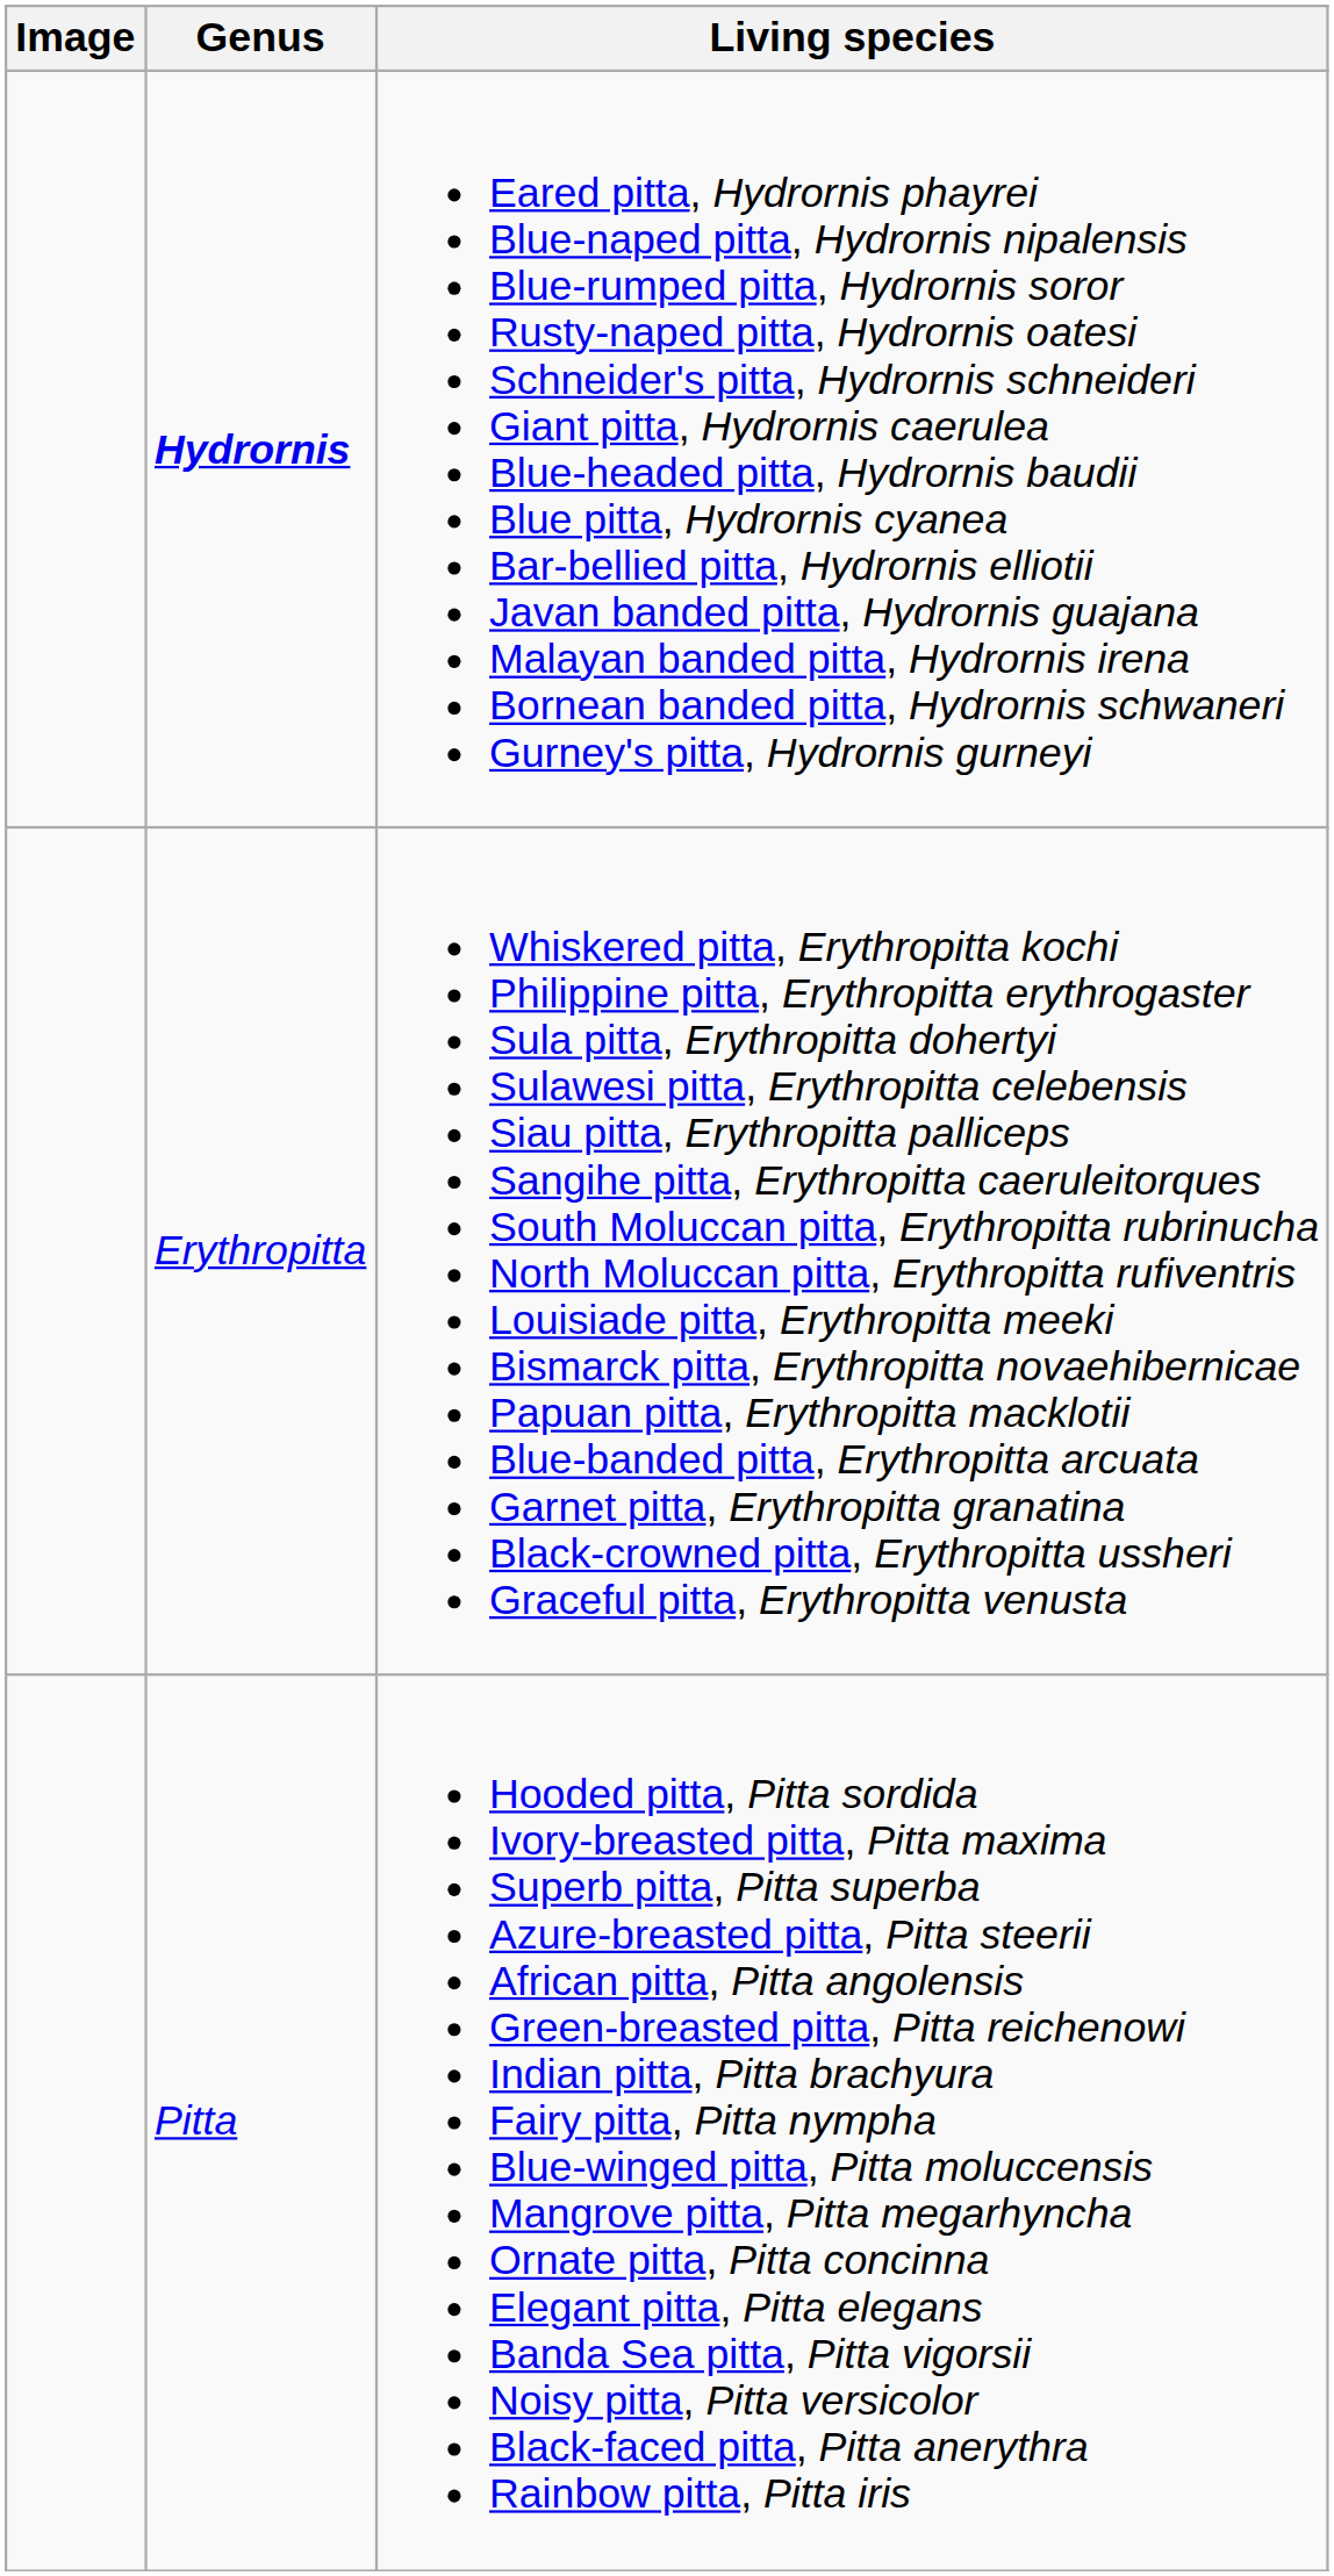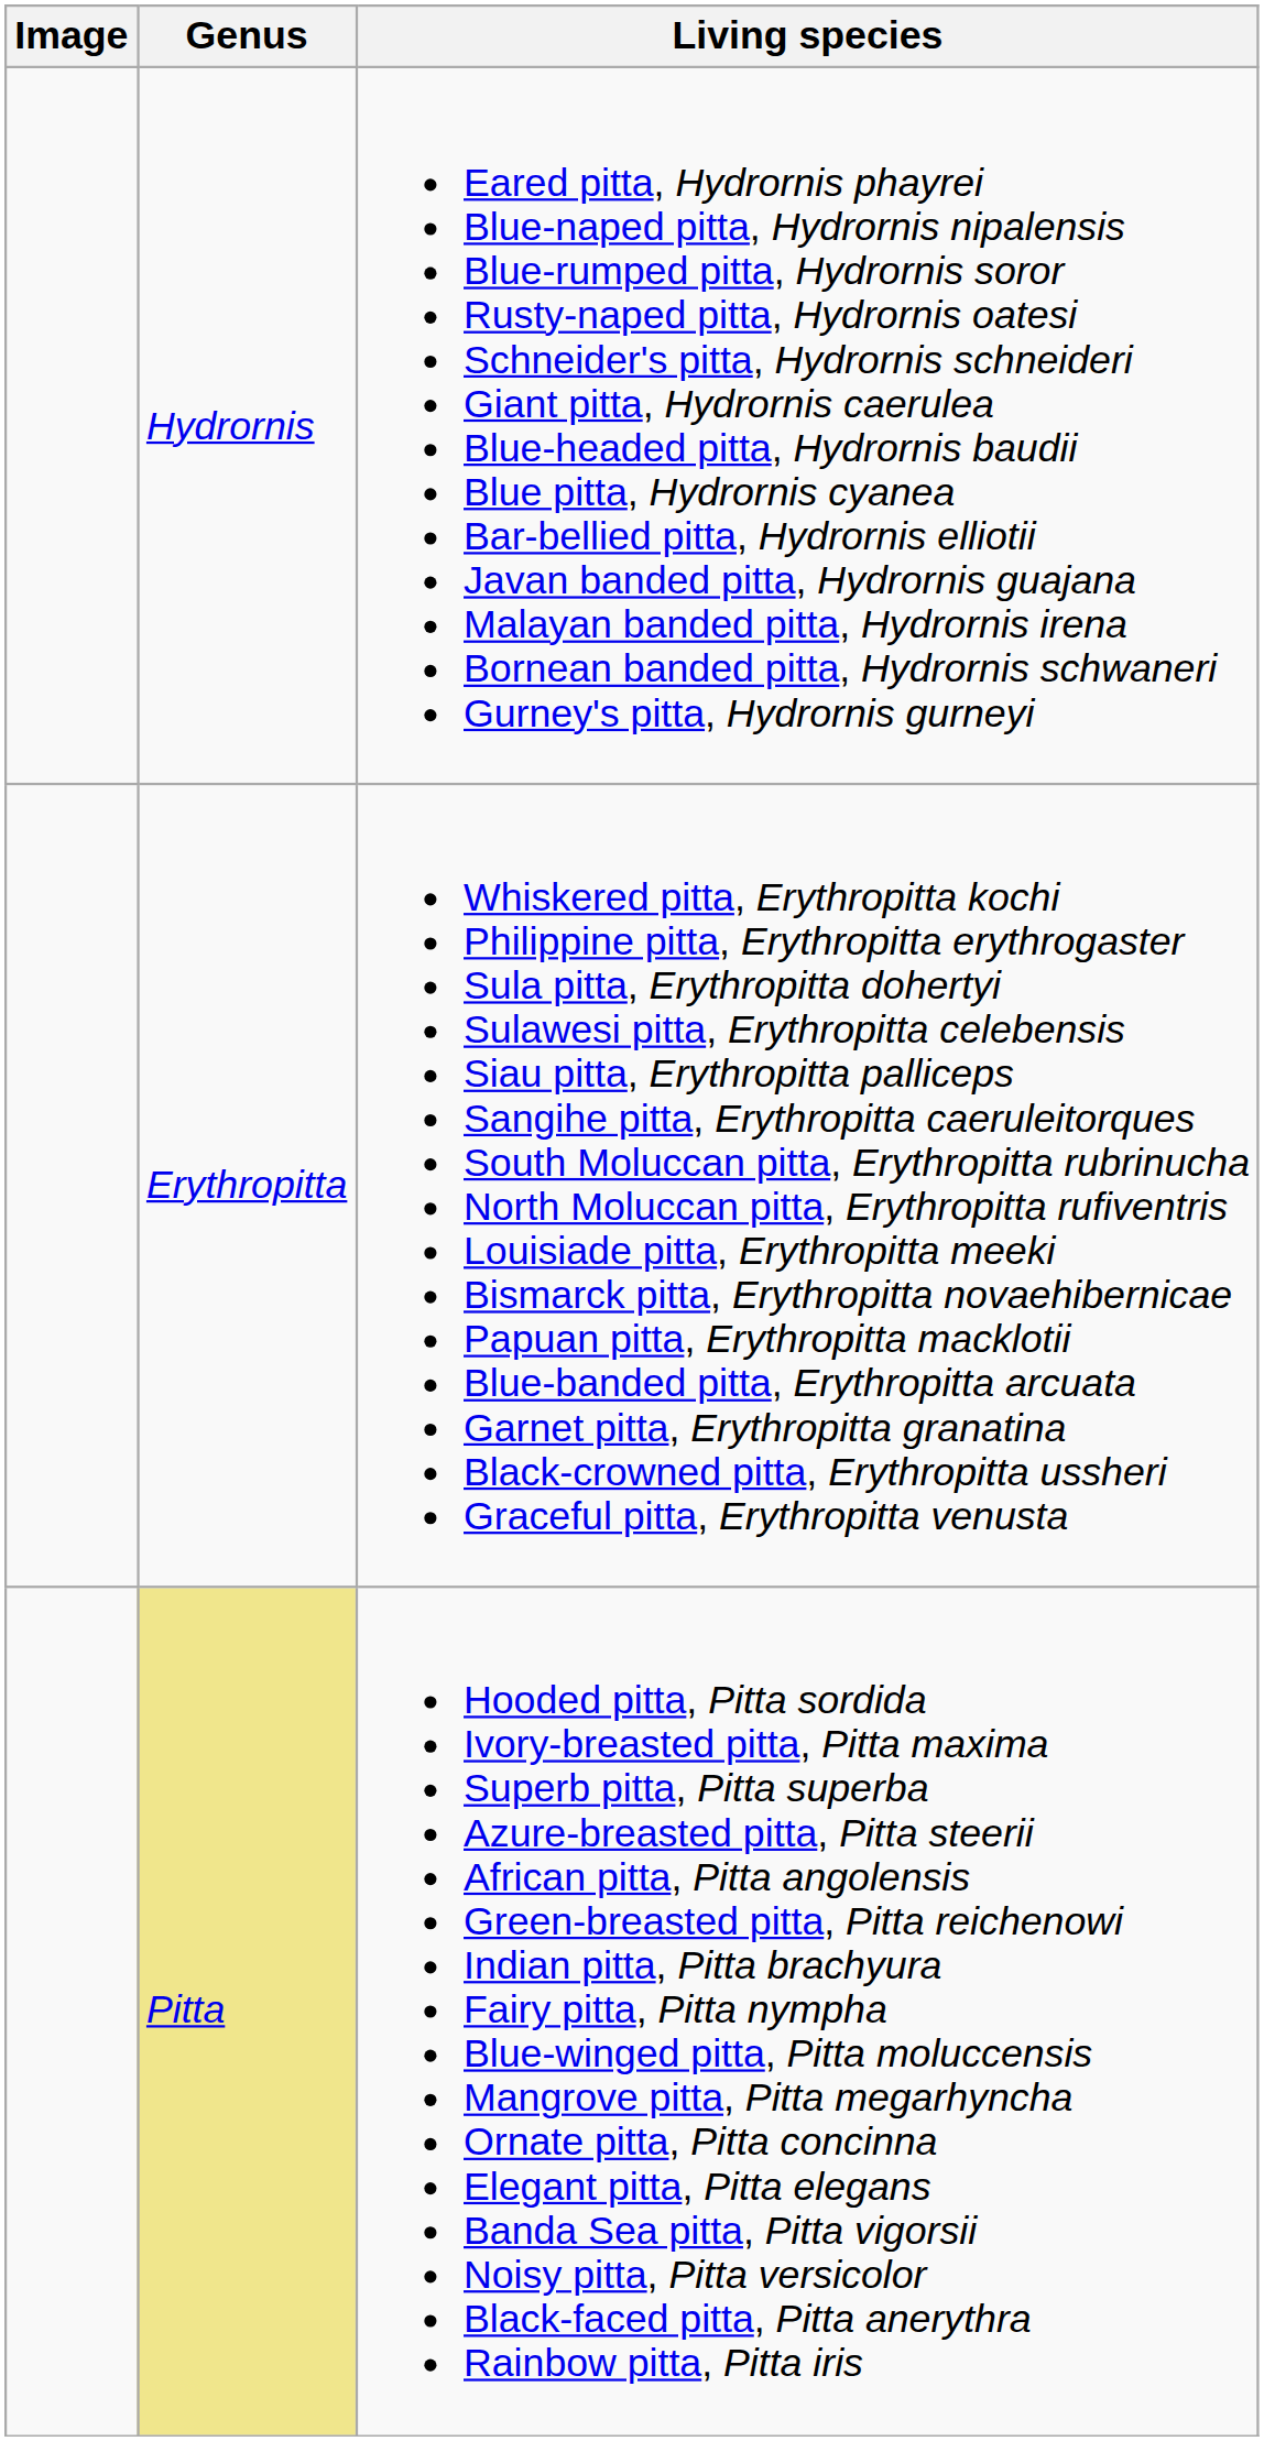 <table class="wikitable">
 <tr>
 <th>Image</th>
 <th>Genus</th>
 <th>Living species</th>
 </tr>
 <tr>
 <td></td>
-<td><strong><em><a href='#'>Hydrornis</a></em> </strong></td>
+<td><em><a href='#'>Hydrornis</a></em> </td>
 <td><br><ul><li><a href='#'>Eared pitta</a>, <em>Hydrornis phayrei</em></li><li><a href='#'>Blue-naped pitta</a>, <em>Hydrornis nipalensis</em></li><li><a href='#'>Blue-rumped pitta</a>, <em>Hydrornis soror</em></li><li><a href='#'>Rusty-naped pitta</a>, <em>Hydrornis oatesi</em></li><li><a href='#'>Schneider's pitta</a>, <em>Hydrornis schneideri</em></li><li><a href='#'>Giant pitta</a>, <em>Hydrornis caerulea</em></li><li><a href='#'>Blue-headed pitta</a>, <em>Hydrornis baudii</em></li><li><a href='#'>Blue pitta</a>, <em>Hydrornis cyanea</em></li><li><a href='#'>Bar-bellied pitta</a>, <em>Hydrornis elliotii</em></li><li><a href='#'>Javan banded pitta</a>, <em>Hydrornis guajana</em></li><li><a href='#'>Malayan banded pitta</a>, <em>Hydrornis irena</em></li><li><a href='#'>Bornean banded pitta</a>, <em>Hydrornis schwaneri</em></li><li><a href='#'>Gurney's pitta</a>, <em>Hydrornis gurneyi</em></li></ul></td>
 </tr>
 <tr>
 <td></td>
 <td><em><a href='#'>Erythropitta</a></em> </td>
 <td><br><ul><li><a href='#'>Whiskered pitta</a>, <em>Erythropitta kochi</em></li><li><a href='#'>Philippine pitta</a>, <em>Erythropitta erythrogaster</em></li><li><a href='#'>Sula pitta</a>, <em>Erythropitta dohertyi</em></li><li><a href='#'>Sulawesi pitta</a>, <em>Erythropitta celebensis</em></li><li><a href='#'>Siau pitta</a>, <em>Erythropitta palliceps</em></li><li><a href='#'>Sangihe pitta</a>, <em>Erythropitta caeruleitorques</em></li><li><a href='#'>South Moluccan pitta</a>, <em>Erythropitta rubrinucha</em></li><li><a href='#'>North Moluccan pitta</a>, <em>Erythropitta rufiventris</em></li><li><a href='#'>Louisiade pitta</a>, <em>Erythropitta meeki</em></li><li><a href='#'>Bismarck pitta</a>, <em>Erythropitta novaehibernicae</em></li><li><a href='#'>Papuan pitta</a>, <em>Erythropitta macklotii</em></li><li><a href='#'>Blue-banded pitta</a>, <em>Erythropitta arcuata</em></li><li><a href='#'>Garnet pitta</a>, <em>Erythropitta granatina</em></li><li><a href='#'>Black-crowned pitta</a>, <em>Erythropitta ussheri</em></li><li><a href='#'>Graceful pitta</a>, <em>Erythropitta venusta</em></li></ul></td>
 </tr>
 <tr>
 <td></td>
-<td><em><a href='#'>Pitta</a></em> </td>
+<td style="background: khaki;"><em><a href='#'>Pitta</a></em> </td>
 <td><br><ul><li><a href='#'>Hooded pitta</a>, <em>Pitta sordida</em></li><li><a href='#'>Ivory-breasted pitta</a>, <em>Pitta maxima</em></li><li><a href='#'>Superb pitta</a>, <em>Pitta superba</em></li><li><a href='#'>Azure-breasted pitta</a>, <em>Pitta steerii</em></li><li><a href='#'>African pitta</a>, <em>Pitta angolensis</em></li><li><a href='#'>Green-breasted pitta</a>, <em>Pitta reichenowi</em></li><li><a href='#'>Indian pitta</a>, <em>Pitta brachyura</em></li><li><a href='#'>Fairy pitta</a>, <em>Pitta nympha</em></li><li><a href='#'>Blue-winged pitta</a>, <em>Pitta moluccensis</em></li><li><a href='#'>Mangrove pitta</a>, <em>Pitta megarhyncha</em></li><li><a href='#'>Ornate pitta</a>, <em>Pitta concinna</em></li><li><a href='#'>Elegant pitta</a>, <em>Pitta elegans</em></li><li><a href='#'>Banda Sea pitta</a>, <em>Pitta vigorsii</em></li><li><a href='#'>Noisy pitta</a>, <em>Pitta versicolor</em></li><li><a href='#'>Black-faced pitta</a>, <em>Pitta anerythra</em></li><li><a href='#'>Rainbow pitta</a>, <em>Pitta iris</em></li></ul></td>
 </tr>
 <tr>
 </tr>
 </table>
